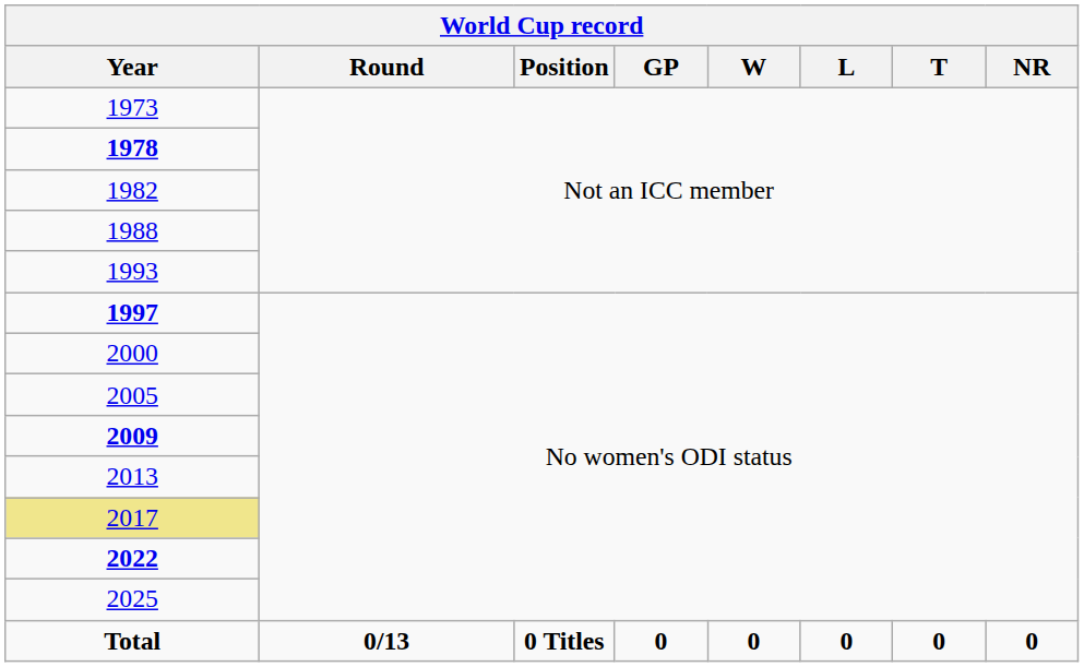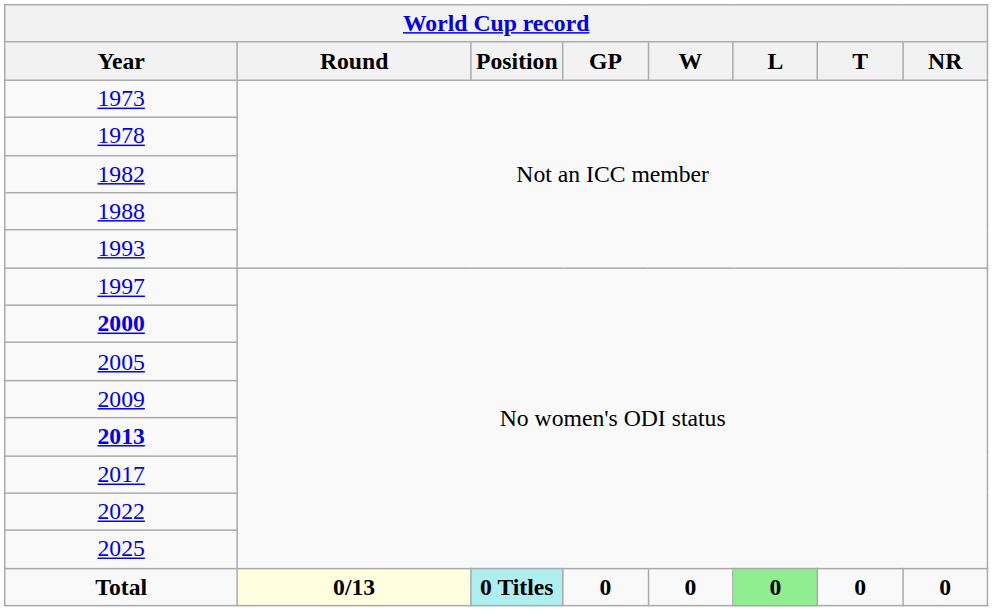 <table class="wikitable" style="text-align: center;">
 <tr>
 <th colspan=8><a href='#'>World Cup record</a></th>
 </tr>
 <tr>
 <th width=150>Year</th>
 <th width=150>Round</th>
 <th width=50>Position</th>
 <th width=50>GP</th>
 <th width=50>W</th>
 <th width=50>L</th>
 <th width=50>T</th>
 <th width=50>NR</th>
 </tr>
 <tr>
 <td> <a href='#'>1973</a></td>
 <td colspan=7 rowspan=5>Not an ICC member</td>
 </tr>
 <tr>
-<td><strong> <a href='#'>1978</a></strong></td>
+<td> <a href='#'>1978</a></td>
 </tr>
 <tr>
 <td> <a href='#'>1982</a></td>
 </tr>
 <tr>
 <td> <a href='#'>1988</a></td>
 </tr>
 <tr>
 <td> <a href='#'>1993</a></td>
 </tr>
 <tr>
-<td><strong> <a href='#'>1997</a></strong></td>
+<td> <a href='#'>1997</a></td>
 <td colspan=7 rowspan=8>No women's ODI status</td>
 </tr>
 <tr>
-<td> <a href='#'>2000</a></td>
+<td><strong> <a href='#'>2000</a></strong></td>
 </tr>
 <tr>
 <td> <a href='#'>2005</a></td>
 </tr>
 <tr>
-<td><strong> <a href='#'>2009</a></strong></td>
+<td> <a href='#'>2009</a></td>
 </tr>
 <tr>
-<td> <a href='#'>2013</a></td>
+<td><strong> <a href='#'>2013</a></strong></td>
 </tr>
 <tr>
-<td style="background: khaki;"> <a href='#'>2017</a></td>
+<td> <a href='#'>2017</a></td>
 </tr>
 <tr>
-<td><strong> <a href='#'>2022</a></strong></td>
+<td> <a href='#'>2022</a></td>
 </tr>
 <tr>
 <td> <a href='#'>2025</a></td>
 </tr>
 <tr>
 <td><strong>Total</strong></td>
-<td><strong>0/13</strong></td>
-<td><strong>0 Titles</strong></td>
+<td style="background: lightyellow;"><strong>0/13</strong></td>
+<td style="background: paleturquoise;"><strong>0 Titles</strong></td>
 <td><strong>0</strong></td>
 <td><strong>0</strong></td>
-<td><strong>0</strong></td>
+<td style="background: lightgreen;"><strong>0</strong></td>
 <td><strong>0</strong></td>
 <td><strong>0</strong></td>
 </tr>
 </table>
